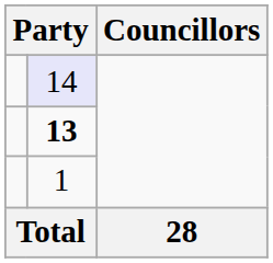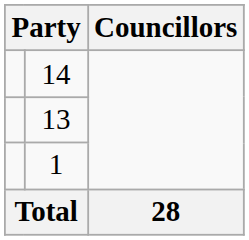 <table class="wikitable">
 <tr>
 <th colspan=2>Party</th>
 <th>Councillors</th>
 </tr>
 <tr>
 <td></td>
-<td align=center style="background: lavender;">14</td>
+<td align=center>14</td>
 </tr>
 <tr>
 <td></td>
-<td align=center><strong>13</strong></td>
+<td align=center>13</td>
 </tr>
 <tr>
 <td></td>
 <td align=center>1</td>
 </tr>
 <tr>
 <th colspan=2>Total</th>
 <th align=center>28</th>
 </tr>
 </table>
